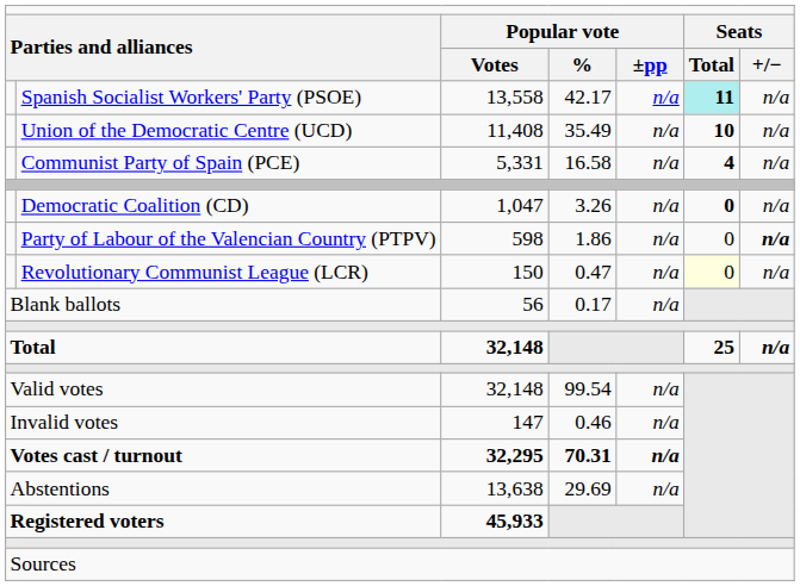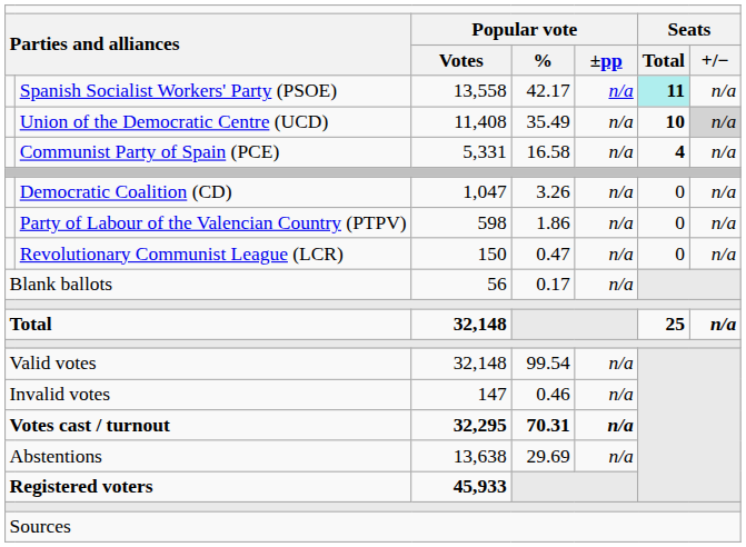 <table class="wikitable" style="text-align:right;">
 <tr>
 <td colspan="7"></td>
 </tr>
 <tr>
 <th style="text-align:left;" rowspan="2" colspan="2" width="525">Parties and alliances</th>
 <th colspan="3">Popular vote</th>
 <th colspan="2">Seats</th>
 </tr>
 <tr>
 <th width="75">Votes</th>
 <th width="45">%</th>
 <th width="45">±<a href='#'>pp</a></th>
 <th width="35">Total</th>
 <th width="35">+/−</th>
 </tr>
 <tr>
 <td width="1" style="color:inherit;background:"></td>
 <td align="left"><a href='#'>Spanish Socialist Workers' Party</a> (PSOE)</td>
 <td>13,558</td>
 <td>42.17</td>
 <td><em><a href='#'>n/a</a></em></td>
 <td style="background: paleturquoise;"><strong>11</strong></td>
 <td><em>n/a</em></td>
 </tr>
 <tr>
 <td style="color:inherit;background:"></td>
 <td align="left"><a href='#'>Union of the Democratic Centre</a> (UCD)</td>
 <td>11,408</td>
 <td>35.49</td>
 <td><em>n/a</em></td>
 <td><strong>10</strong></td>
-<td><em>n/a</em></td>
+<td style="background: lightgrey;"><em>n/a</em></td>
 </tr>
 <tr>
 <td style="color:inherit;background:"></td>
 <td align="left"><a href='#'>Communist Party of Spain</a> (PCE)</td>
 <td>5,331</td>
 <td>16.58</td>
 <td><em>n/a</em></td>
 <td><strong>4</strong></td>
 <td><em>n/a</em></td>
 </tr>
 <tr>
 <td colspan="7" bgcolor="#C0C0C0"></td>
 </tr>
 <tr>
 <td style="color:inherit;background:"></td>
 <td align="left"><a href='#'>Democratic Coalition</a> (CD)</td>
 <td>1,047</td>
 <td>3.26</td>
 <td><em>n/a</em></td>
-<td><strong>0</strong></td>
+<td>0</td>
 <td><em>n/a</em></td>
 </tr>
 <tr>
 <td style="color:inherit;background:"></td>
 <td align="left"><a href='#'>Party of Labour of the Valencian Country</a> (PTPV)</td>
 <td>598</td>
 <td>1.86</td>
 <td><em>n/a</em></td>
 <td>0</td>
-<td><strong><em>n/a</em></strong></td>
+<td><em>n/a</em></td>
 </tr>
 <tr>
 <td style="color:inherit;background:"></td>
 <td align="left"><a href='#'>Revolutionary Communist League</a> (LCR)</td>
 <td>150</td>
 <td>0.47</td>
 <td><em>n/a</em></td>
-<td style="background: lightyellow;">0</td>
+<td>0</td>
 <td><em>n/a</em></td>
 </tr>
 <tr>
 <td align="left" colspan="2">Blank ballots</td>
 <td>56</td>
 <td>0.17</td>
 <td><em>n/a</em></td>
 <td bgcolor="#E9E9E9" colspan="2"></td>
 </tr>
 <tr>
 <td colspan="7" bgcolor="#E9E9E9"></td>
 </tr>
 <tr style="font-weight:bold;">
 <td align="left" colspan="2">Total</td>
 <td>32,148</td>
 <td bgcolor="#E9E9E9" colspan="2"></td>
 <td>25</td>
 <td><em>n/a</em></td>
 </tr>
 <tr>
 <td colspan="7" bgcolor="#E9E9E9"></td>
 </tr>
 <tr>
 <td align="left" colspan="2">Valid votes</td>
 <td>32,148</td>
 <td>99.54</td>
 <td><em>n/a</em></td>
 <td bgcolor="#E9E9E9" colspan="2" rowspan="5"></td>
 </tr>
 <tr>
 <td align="left" colspan="2">Invalid votes</td>
 <td>147</td>
 <td>0.46</td>
 <td><em>n/a</em></td>
 </tr>
 <tr style="font-weight:bold;">
 <td align="left" colspan="2">Votes cast / turnout</td>
 <td>32,295</td>
 <td>70.31</td>
 <td><em>n/a</em></td>
 </tr>
 <tr>
 <td align="left" colspan="2">Abstentions</td>
 <td>13,638</td>
 <td>29.69</td>
 <td><em>n/a</em></td>
 </tr>
 <tr style="font-weight:bold;">
 <td align="left" colspan="2">Registered voters</td>
 <td>45,933</td>
 <td bgcolor="#E9E9E9" colspan="2"></td>
 </tr>
 <tr>
 <td colspan="7" bgcolor="#E9E9E9"></td>
 </tr>
 <tr>
 <td align="left" colspan="7">Sources</td>
 </tr>
 </table>
